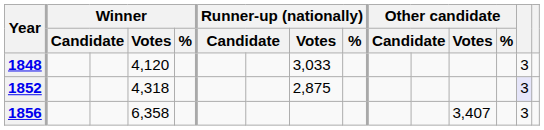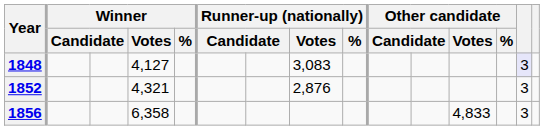 <table class="wikitable sortable">
 <tr>
 <th scope=col rowspan="2">Year</th>
 <th scope="colgroup" style="border-left:3px solid darkgray;" colspan="4">Winner</th>
 <th scope="colgroup" style="border-left:3px solid darkgray;" colspan="4">Runner-up (nationally)</th>
 <th scope="colgroup" style="border-left:3px solid darkgray;" colspan="4">Other candidate</th>
 <th scope="col" class="unsortable" rowspan="2"></th>
 <th scope="col" class="unsortable" rowspan="2"></th>
 </tr>
 <tr>
 <th scope="colgroup" style="border-left:3px solid darkgray;" colspan="2">Candidate</th>
 <th scope="col" data-sort-type="number">Votes</th>
 <th scope="col"  data-sort-type="number">%</th>
 <th scope="colgroup" style="border-left:3px solid darkgray;" colspan="2">Candidate</th>
 <th scope="col"  data-sort-type="number">Votes</th>
 <th scope="col"  data-sort-type="number">%</th>
 <th scope="colgroup"  scope="col" style="border-left:3px solid darkgray;" colspan="2">Candidate</th>
 <th scope="col"  data-sort-type="number">Votes</th>
 <th scope="col"  data-sort-type="number">%</th>
 </tr>
 <tr>
 <th scope="row"> <a href='#'>1848</a></th>
 <td style="text-align:left; border-left:3px solid darkgray; background-color:"></td>
 <td><strong></strong> </td>
-<td>4,120</td>
+<td>4,127</td>
 <td></td>
 <td style="text-align:left; border-left:3px solid darkgray; background-color:"></td>
 <td> </td>
-<td>3,033</td>
+<td>3,083</td>
+<td></td>
+<td style="text-align:left; border-left:3px solid darkgray; background-color:"></td>
+<td> </td>
+<td></td>
+<td></td>
+<td style="background: lavender;">3</td>
+<td></td>
+</tr>
+<tr>
+<th scope="row"> <a href='#'>1852</a></th>
+<td style="text-align:left; border-left:3px solid darkgray; background-color:"></td>
+<td><strong></strong> </td>
+<td>4,321</td>
+<td></td>
+<td style="text-align:left; border-left:3px solid darkgray; background-color:"></td>
+<td> </td>
+<td>2,876</td>
 <td></td>
 <td style="text-align:left; border-left:3px solid darkgray; background-color:"></td>
 <td> </td>
 <td></td>
 <td></td>
 <td>3</td>
-<td></td>
-</tr>
-<tr>
-<th scope="row"> <a href='#'>1852</a></th>
-<td style="text-align:left; border-left:3px solid darkgray; background-color:"></td>
-<td><strong></strong> </td>
-<td>4,318</td>
-<td></td>
-<td style="text-align:left; border-left:3px solid darkgray; background-color:"></td>
-<td> </td>
-<td>2,875</td>
-<td></td>
-<td style="text-align:left; border-left:3px solid darkgray; background-color:"></td>
-<td> </td>
-<td></td>
-<td></td>
-<td style="background: lavender;">3</td>
 <td></td>
 </tr>
 <tr>
 <th scope="row"> <a href='#'>1856</a></th>
 <td style="text-align:left; border-left:3px solid darkgray; background-color:"></td>
 <td><strong></strong> </td>
 <td>6,358</td>
 <td></td>
 <td style="text-align:left; border-left:3px solid darkgray; background-color:"></td>
 <td> </td>
 <td></td>
 <td></td>
 <td style="text-align:left; border-left:3px solid darkgray; background-color:"></td>
 <td> </td>
-<td>3,407</td>
+<td>4,833</td>
 <td></td>
 <td>3</td>
 <td></td>
 </tr>
 </table>
